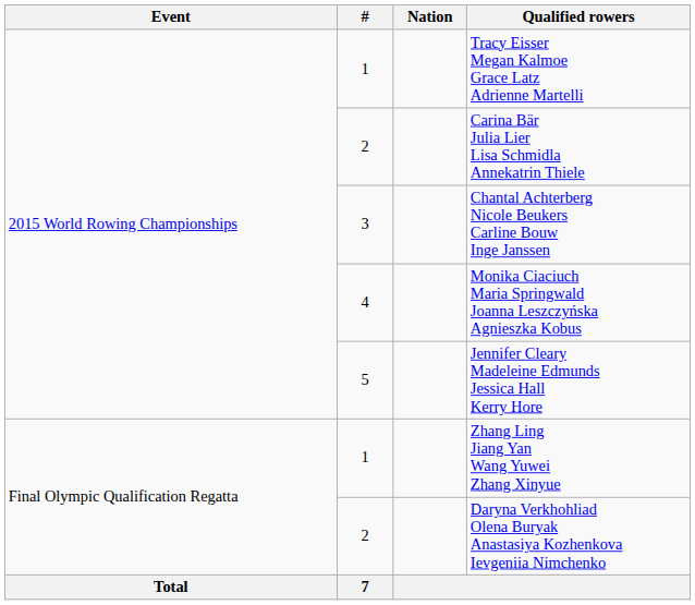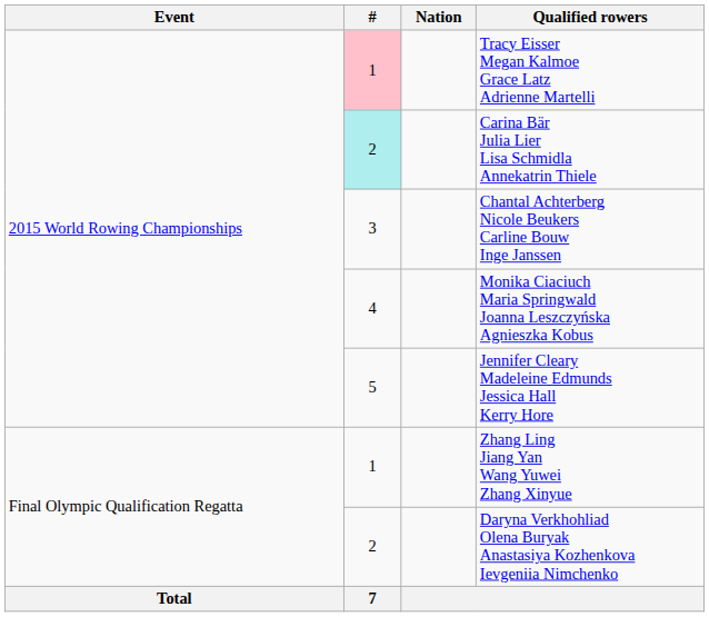 <table class="wikitable"  style="width:700px; text-align:center;">
 <tr>
 <th>Event</th>
 <th width=50>#</th>
 <th>Nation</th>
 <th>Qualified rowers</th>
 </tr>
 <tr>
 <td rowspan=5 align=left><a href='#'>2015 World Rowing Championships</a></td>
-<td>1</td>
+<td style="background: pink;">1</td>
 <td align=left></td>
 <td align=left><a href='#'>Tracy Eisser</a><br><a href='#'>Megan Kalmoe</a><br><a href='#'>Grace Latz</a><br><a href='#'>Adrienne Martelli</a></td>
 </tr>
 <tr>
-<td>2</td>
+<td style="background: paleturquoise;">2</td>
 <td align=left></td>
 <td align=left><a href='#'>Carina Bär</a><br><a href='#'>Julia Lier</a><br><a href='#'>Lisa Schmidla</a><br><a href='#'>Annekatrin Thiele</a></td>
 </tr>
 <tr>
 <td>3</td>
 <td align=left></td>
 <td align=left><a href='#'>Chantal Achterberg</a><br><a href='#'>Nicole Beukers</a><br><a href='#'>Carline Bouw</a><br><a href='#'>Inge Janssen</a></td>
 </tr>
 <tr>
 <td>4</td>
 <td align=left></td>
 <td align=left><a href='#'>Monika Ciaciuch</a><br><a href='#'>Maria Springwald</a><br><a href='#'>Joanna Leszczyńska</a><br><a href='#'>Agnieszka Kobus</a></td>
 </tr>
 <tr>
 <td>5</td>
 <td align=left></td>
 <td align=left><a href='#'>Jennifer Cleary</a><br><a href='#'>Madeleine Edmunds</a><br><a href='#'>Jessica Hall</a><br><a href='#'>Kerry Hore</a></td>
 </tr>
 <tr>
 <td rowspan=2 align=left>Final Olympic Qualification Regatta</td>
 <td>1</td>
 <td align=left></td>
 <td align=left><a href='#'>Zhang Ling</a><br><a href='#'>Jiang Yan</a><br><a href='#'>Wang Yuwei</a><br><a href='#'>Zhang Xinyue</a></td>
 </tr>
 <tr>
 <td>2</td>
 <td align=left></td>
 <td align=left><a href='#'>Daryna Verkhohliad</a><br><a href='#'>Olena Buryak</a><br><a href='#'>Anastasiya Kozhenkova</a><br><a href='#'>Ievgeniia Nimchenko</a></td>
 </tr>
 <tr>
 <th>Total</th>
 <th>7</th>
 <th colspan=2></th>
 </tr>
 </table>
